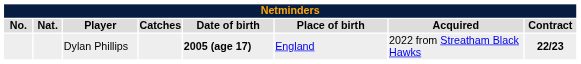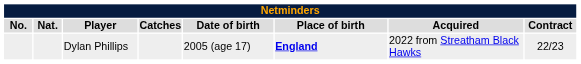 <table class="toccolours"  style="width:97%; clear:both; margin:1.5em auto; text-align:center;">
 <tr>
 <th colspan="10" style="background:#061c41; color:#ffa600;”">Netminders</th>
 </tr>
 <tr style="background:#ddd;">
 <th width=5%>No.</th>
 <th width=5%>Nat.</th>
 <th !width=22%>Player</th>
 <th width=7%>Catches</th>
 <th width=16%>Date of birth</th>
 <th width=20%>Place of birth</th>
 <th width=24%>Acquired</th>
 <td><strong>Contract</strong></td>
 </tr>
 <tr style="background:#eee;">
 <td></td>
 <td></td>
 <td align=left>Dylan Phillips</td>
 <td></td>
-<td align=left><strong>2005 (age 17)</strong></td>
-<td align=left><a href='#'>England</a></td>
+<td align=left>2005 (age 17)</td>
+<td align=left><strong><a href='#'>England</a></strong></td>
 <td align=left>2022 from <a href='#'>Streatham Black Hawks</a></td>
-<td><strong>22/23</strong></td>
+<td>22/23</td>
 </tr>
 </table>
